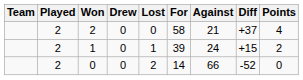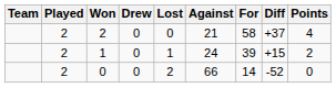 <table class="wikitable" style="text-align:center">
 <tr>
 <th>Team</th>
 <th>Played</th>
 <th>Won</th>
 <th>Drew</th>
 <th>Lost</th>
+<th>Against</th>
 <th>For</th>
-<th>Against</th>
 <th>Diff</th>
 <th>Points</th>
 </tr>
 <tr>
 <td align=left></td>
 <td>2</td>
 <td>2</td>
 <td>0</td>
 <td>0</td>
+<td>21</td>
 <td>58</td>
-<td>21</td>
 <td>+37</td>
 <td>4</td>
 </tr>
 <tr>
 <td align=left></td>
 <td>2</td>
 <td>1</td>
 <td>0</td>
 <td>1</td>
+<td>24</td>
 <td>39</td>
-<td>24</td>
 <td>+15</td>
 <td>2</td>
 </tr>
 <tr>
 <td align=left></td>
 <td>2</td>
 <td>0</td>
 <td>0</td>
 <td>2</td>
+<td>66</td>
 <td>14</td>
-<td>66</td>
 <td>-52</td>
 <td>0</td>
 </tr>
 </table>
